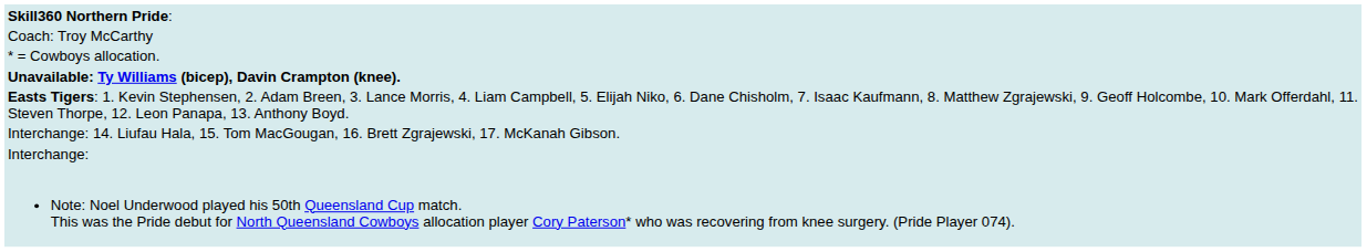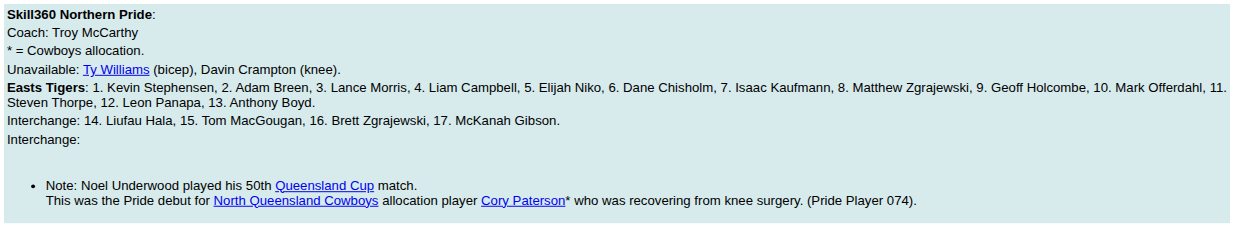 <table style="background:#d7ebed; font-size:85%; width:100%;">
 <tr>
 <td><strong>Skill360 Northern Pride</strong>:             </td>
 </tr>
 <tr>
 <td>Coach: Troy McCarthy</td>
 </tr>
 <tr>
 <td>* = Cowboys allocation.</td>
 </tr>
 <tr>
-<td><strong>Unavailable: <a href='#'>Ty Williams</a> (bicep), Davin Crampton (knee).</strong></td>
+<td>Unavailable: <a href='#'>Ty Williams</a> (bicep), Davin Crampton (knee).</td>
 </tr>
 <tr>
 <td><strong>Easts Tigers</strong>: 1. Kevin Stephensen, 2. Adam Breen, 3. Lance Morris, 4. Liam Campbell, 5. Elijah Niko, 6. Dane Chisholm, 7. Isaac Kaufmann, 8. Matthew Zgrajewski, 9. Geoff Holcombe, 10. Mark Offerdahl, 11. Steven Thorpe, 12. Leon Panapa, 13. Anthony Boyd.</td>
 </tr>
 <tr>
 <td>Interchange: 14. Liufau Hala, 15. Tom MacGougan, 16. Brett Zgrajewski, 17. McKanah Gibson.</td>
 </tr>
 <tr>
 <td>Interchange:    </td>
 </tr>
 <tr>
 <td><br><ul><li>Note: Noel Underwood played his 50th <a href='#'>Queensland Cup</a> match.<br>This was the Pride debut for <a href='#'>North Queensland Cowboys</a> allocation player <a href='#'>Cory Paterson</a>* who was recovering from knee surgery. (Pride Player 074).</li></ul></td>
 </tr>
 </table>
